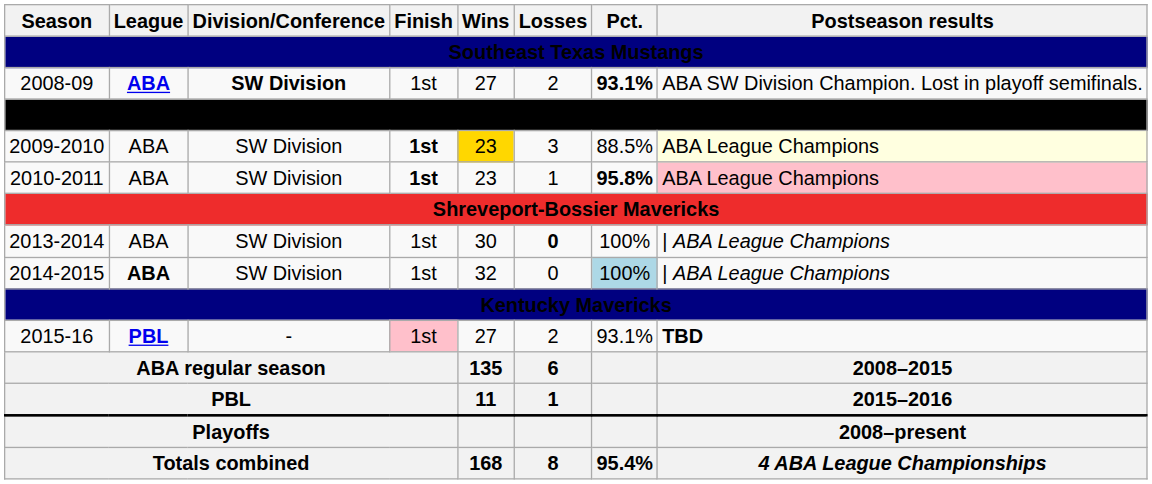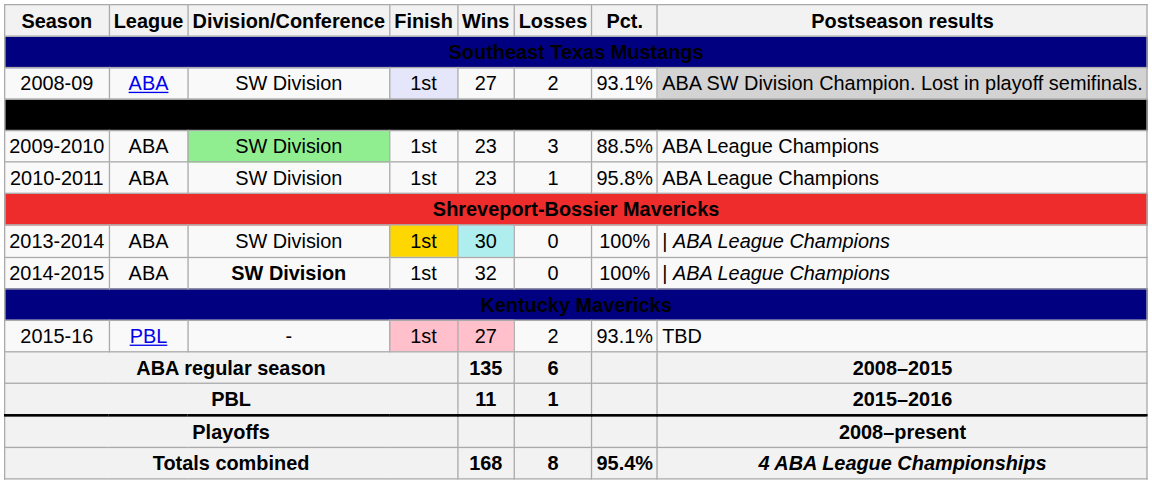 <table class="wikitable" style="font-size:95%; text-align:center">
 <tr>
 <th>Season</th>
 <th>League</th>
 <th>Division/Conference</th>
 <th>Finish</th>
 <th>Wins</th>
 <th>Losses</th>
 <th>Pct.</th>
 <th>Postseason results</th>
 </tr>
 <tr>
 <td colspan=8 style="background:#000080"><span><strong>Southeast Texas Mustangs</strong></span></td>
 </tr>
 <tr>
 <td>2008-09</td>
-<td><strong><a href='#'>ABA</a></strong></td>
-<td><strong>SW Division</strong></td>
-<td>1st</td>
+<td><a href='#'>ABA</a></td>
+<td>SW Division</td>
+<td style="background: lavender;">1st</td>
 <td>27</td>
 <td>2</td>
-<td><strong>93.1%</strong></td>
-<td align=left>ABA SW Division Champion. Lost in playoff semifinals.</td>
+<td>93.1%</td>
+<td align=left style="background: lightgrey;">ABA SW Division Champion. Lost in playoff semifinals.</td>
 </tr>
 <tr>
 <td colspan=8 style="background:#000000"><span><strong>Southeast Texas Mavericks</strong></span></td>
 </tr>
 <tr>
 <td>2009-2010</td>
 <td>ABA</td>
-<td>SW Division</td>
-<td><strong>1st</strong></td>
-<td style="background: gold;">23</td>
+<td style="background: lightgreen;">SW Division</td>
+<td>1st</td>
+<td>23</td>
 <td>3</td>
 <td>88.5%</td>
-<td align=left style="background: lightyellow;">ABA League Champions</td>
+<td align=left>ABA League Champions</td>
 </tr>
 <tr>
 <td>2010-2011</td>
 <td>ABA</td>
 <td>SW Division</td>
-<td><strong>1st</strong></td>
+<td>1st</td>
 <td>23</td>
 <td>1</td>
-<td><strong>95.8%</strong></td>
-<td align=left style="background: pink;">ABA League Champions</td>
+<td>95.8%</td>
+<td align=left>ABA League Champions</td>
 </tr>
 <tr>
 <td colspan=8 style="background:#EE2C2C"><span><strong>Shreveport-Bossier Mavericks</strong></span></td>
 </tr>
 <tr>
 <td>2013-2014</td>
 <td>ABA</td>
 <td>SW Division</td>
-<td>1st</td>
-<td>30</td>
-<td><strong>0</strong></td>
+<td style="background: gold;">1st</td>
+<td style="background: paleturquoise;">30</td>
+<td>0</td>
 <td>100%</td>
 <td align=left>| <em>ABA League Champions</em></td>
 </tr>
 <tr>
 <td>2014-2015</td>
-<td><strong>ABA</strong></td>
-<td>SW Division</td>
+<td>ABA</td>
+<td><strong>SW Division</strong></td>
 <td>1st</td>
 <td>32</td>
 <td>0</td>
-<td style="background: lightblue;">100%</td>
+<td>100%</td>
 <td align=left>| <em>ABA League Champions</em></td>
 </tr>
 <tr>
 <td colspan=8 style="background:#000080"><span><strong>Kentucky Mavericks</strong></span></td>
 </tr>
 <tr>
 <td>2015-16</td>
-<td><strong><a href='#'>PBL</a></strong></td>
+<td><a href='#'>PBL</a></td>
 <td>-</td>
 <td style="background: pink;">1st</td>
-<td>27</td>
+<td style="background: pink;">27</td>
 <td>2</td>
 <td>93.1%</td>
-<td align=left><strong>TBD</strong></td>
+<td align=left>TBD</td>
 </tr>
 <tr>
 <th colspan=4>ABA regular season</th>
 <th>135</th>
 <th>6</th>
 <th></th>
 <th>2008–2015</th>
 </tr>
 <tr>
 <th colspan=4>PBL</th>
 <th>11</th>
 <th>1</th>
 <th></th>
 <th>2015–2016</th>
 </tr>
 <tr style="border-top:2px solid black">
 <th colspan=4>Playoffs</th>
 <th></th>
 <th></th>
 <th></th>
 <th>2008–present</th>
 </tr>
 <tr>
 <th colspan=4>Totals combined</th>
 <th>168</th>
 <th>8</th>
 <th>95.4%</th>
 <th 2008–present><strong><em>4 ABA League Championships</em></strong></th>
 </tr>
 </table>
